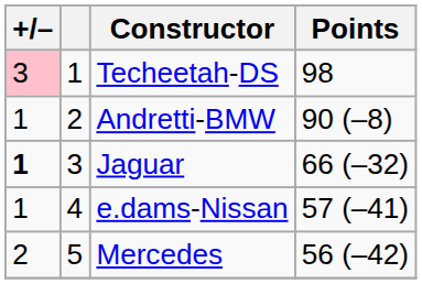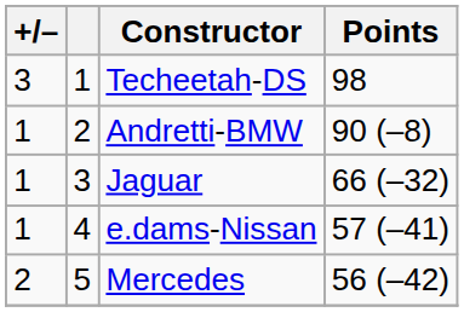 <table class="wikitable" style="font-size: 85%">
 <tr>
 <th scope="col">+/–</th>
 <th scope="col"></th>
 <th scope="col">Constructor</th>
 <th scope="col">Points</th>
 </tr>
 <tr>
-<td align="left" style="background: pink;"> 3</td>
+<td align="left"> 3</td>
 <td align="center">1</td>
 <td> <a href='#'>Techeetah</a>-<a href='#'>DS</a></td>
 <td align="left">98</td>
 </tr>
 <tr>
 <td align="left"> 1</td>
 <td align="center">2</td>
 <td> <a href='#'>Andretti</a>-<a href='#'>BMW</a></td>
 <td align="left">90 (–8)</td>
 </tr>
 <tr>
-<td align="left"><strong> 1</strong></td>
+<td align="left"> 1</td>
 <td align="center">3</td>
 <td> <a href='#'>Jaguar</a></td>
 <td align="left">66 (–32)</td>
 </tr>
 <tr>
 <td align="left"> 1</td>
 <td align="center">4</td>
 <td> <a href='#'>e.dams</a>-<a href='#'>Nissan</a></td>
 <td align="left">57 (–41)</td>
 </tr>
 <tr>
 <td align="left"> 2</td>
 <td align="center">5</td>
 <td> <a href='#'>Mercedes</a></td>
 <td align="left">56 (–42)</td>
 </tr>
 <tr>
 </tr>
 </table>
